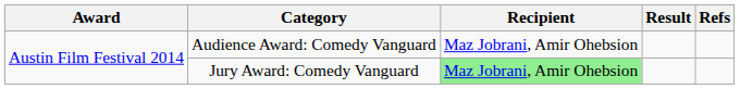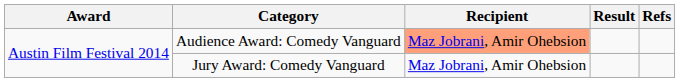 <table class="wikitable sortable" border="1" style="text-align:center;">
 <tr>
 <th>Award</th>
 <th>Category</th>
 <th>Recipient</th>
 <th>Result</th>
 <th>Refs</th>
 </tr>
 <tr>
 <td rowspan="2" style="text-align:left;"><a href='#'>Austin Film Festival 2014</a></td>
 <td>Audience Award: Comedy Vanguard</td>
-<td><a href='#'>Maz Jobrani</a>, Amir Ohebsion</td>
+<td style="background: lightsalmon;"><a href='#'>Maz Jobrani</a>, Amir Ohebsion</td>
 <td></td>
 <td></td>
 </tr>
 <tr>
 <td>Jury Award: Comedy Vanguard</td>
-<td style="background: lightgreen;"><a href='#'>Maz Jobrani</a>, Amir Ohebsion</td>
+<td><a href='#'>Maz Jobrani</a>, Amir Ohebsion</td>
 <td></td>
 <td></td>
 </tr>
 </table>
